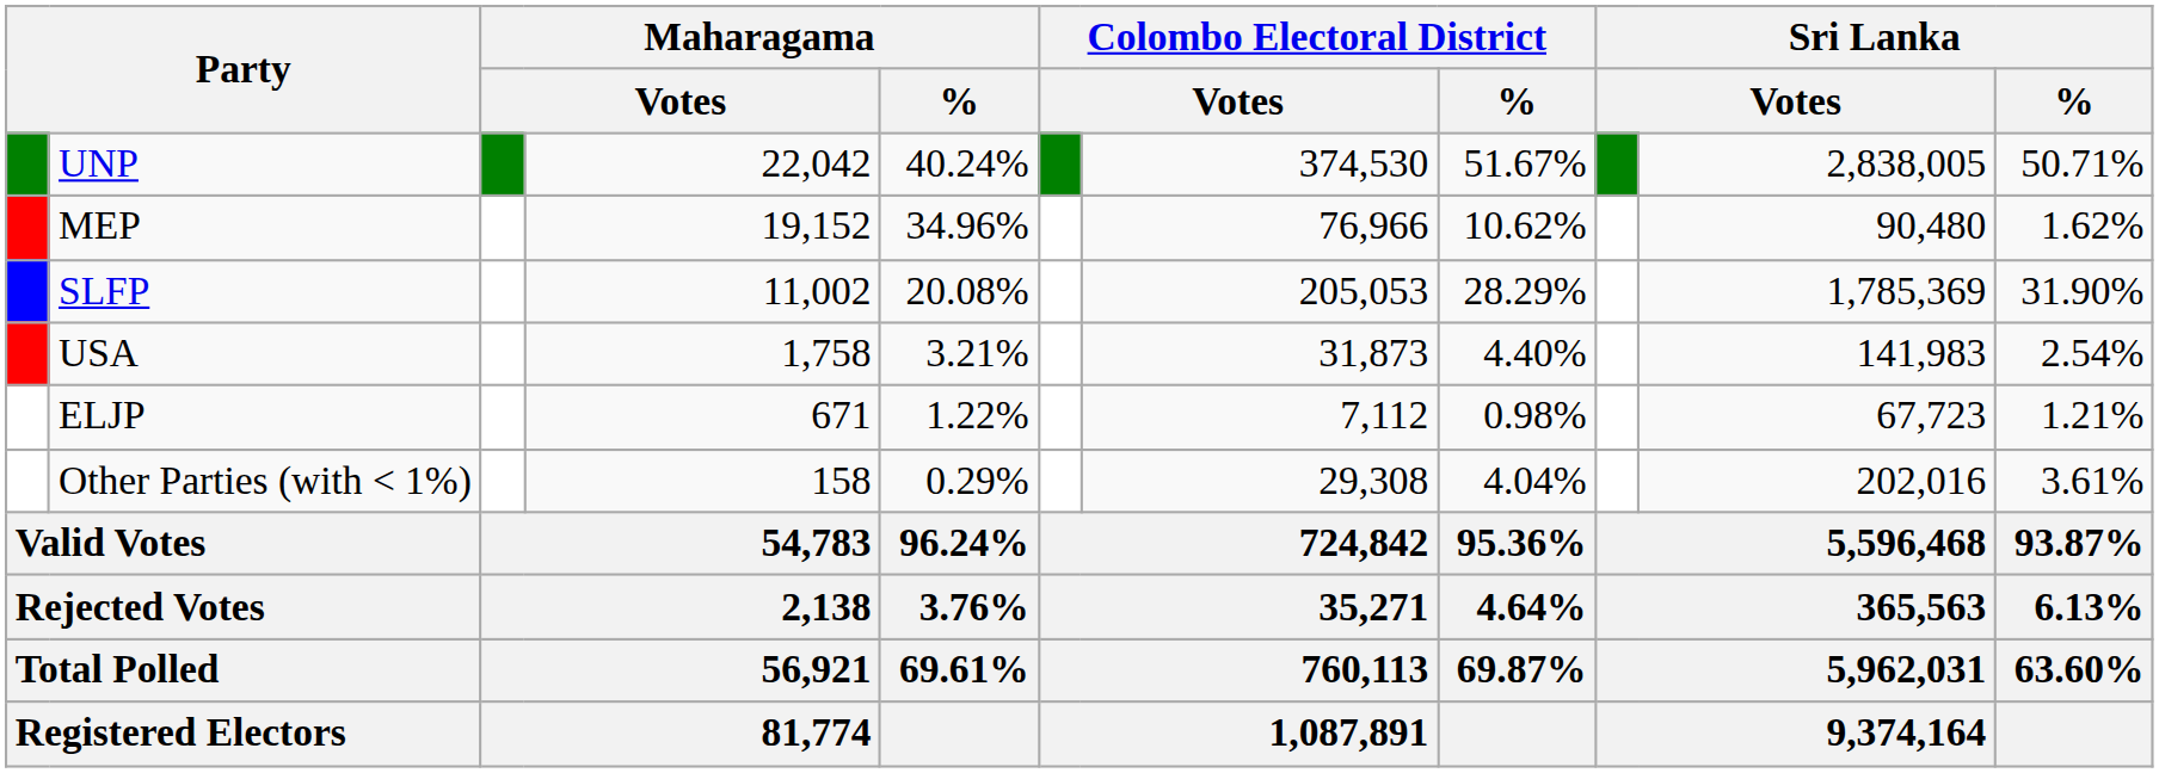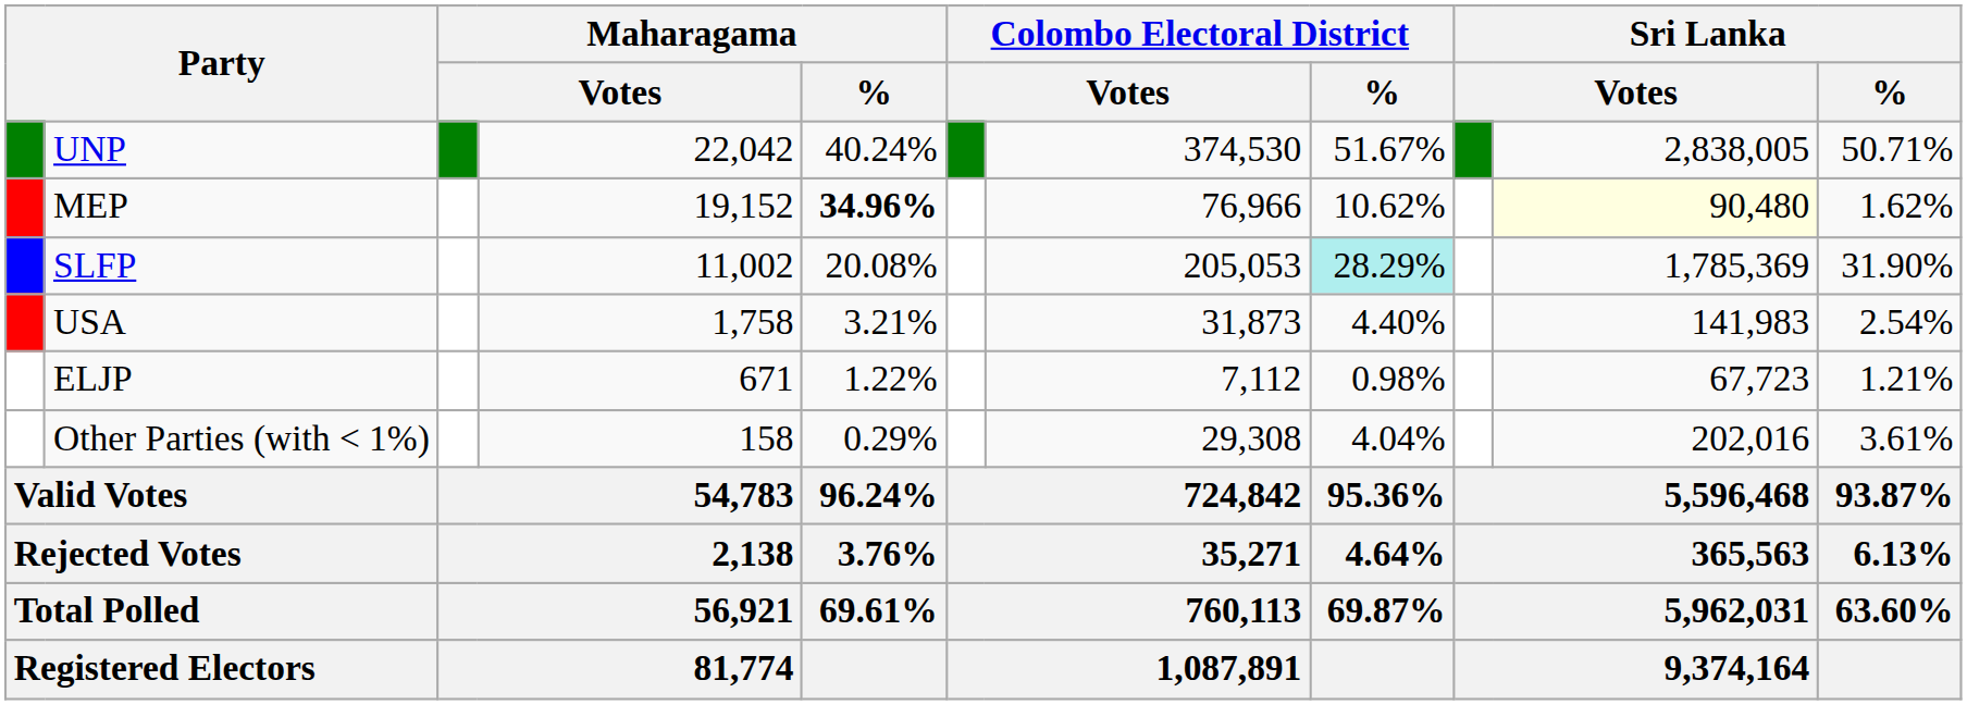 <table class="wikitable">
 <tr>
 <th colspan="2" width="144px"rowspan="2">Party</th>
 <th colspan="3" width="216px">Maharagama</th>
 <th colspan="3" width="216px"><a href='#'>Colombo Electoral District</a></th>
 <th colspan="3" width="216px">Sri Lanka</th>
 </tr>
 <tr>
 <th colspan="2" width="144px">Votes</th>
 <th>%</th>
 <th colspan="2" width="144px">Votes</th>
 <th>%</th>
 <th colspan="2" width="144px">Votes</th>
 <th>%</th>
 </tr>
 <tr>
 <td style="background-color:green;" width="10px"></td>
 <td style="text-align:left;"><a href='#'>UNP</a></td>
 <td style="background-color:green;" width="10px"></td>
 <td style="text-align:right;">22,042</td>
 <td style="text-align:right;">40.24%</td>
 <td style="background-color:green;" width="10px"></td>
 <td style="text-align:right;">374,530</td>
 <td style="text-align:right;">51.67%</td>
 <td style="background-color:green;" width="10px"></td>
 <td style="text-align:right;">2,838,005</td>
 <td style="text-align:right;">50.71%</td>
 </tr>
 <tr>
 <td style="background-color:red;" width="10px"></td>
 <td style="text-align:left;">MEP</td>
 <td style="background-color:white;" width="10px"></td>
 <td style="text-align:right;">19,152</td>
-<td style="text-align:right;">34.96%</td>
+<td style="text-align:right;"><strong>34.96%</strong></td>
 <td style="background-color:white;" width="10px"></td>
 <td style="text-align:right;">76,966</td>
 <td style="text-align:right;">10.62%</td>
 <td style="background-color:white;" width="10px"></td>
-<td style="text-align:right;">90,480</td>
+<td style="background: lightyellow; text-align:right;">90,480</td>
 <td style="text-align:right;">1.62%</td>
 </tr>
 <tr>
 <td style="background-color:blue;" width="10px"></td>
 <td style="text-align:left;"><a href='#'>SLFP</a></td>
 <td style="background-color:white;" width="10px"></td>
 <td style="text-align:right;">11,002</td>
 <td style="text-align:right;">20.08%</td>
 <td style="background-color:white;" width="10px"></td>
 <td style="text-align:right;">205,053</td>
-<td style="text-align:right;">28.29%</td>
+<td style="background: paleturquoise; text-align:right;">28.29%</td>
 <td style="background-color:white;" width="10px"></td>
 <td style="text-align:right;">1,785,369</td>
 <td style="text-align:right;">31.90%</td>
 </tr>
 <tr>
 <td style="background-color:red;" width="10px"></td>
 <td style="text-align:left;">USA</td>
 <td style="background-color:white;" width="10px"></td>
 <td style="text-align:right;">1,758</td>
 <td style="text-align:right;">3.21%</td>
 <td style="background-color:white;" width="10px"></td>
 <td style="text-align:right;">31,873</td>
 <td style="text-align:right;">4.40%</td>
 <td style="background-color:white;" width="10px"></td>
 <td style="text-align:right;">141,983</td>
 <td style="text-align:right;">2.54%</td>
 </tr>
 <tr>
 <td style="background-color:white;" width="10px"></td>
 <td style="text-align:left;">ELJP</td>
 <td style="background-color:white;" width="10px"></td>
 <td style="text-align:right;">671</td>
 <td style="text-align:right;">1.22%</td>
 <td style="background-color:white;" width="10px"></td>
 <td style="text-align:right;">7,112</td>
 <td style="text-align:right;">0.98%</td>
 <td style="background-color:white;" width="10px"></td>
 <td style="text-align:right;">67,723</td>
 <td style="text-align:right;">1.21%</td>
 </tr>
 <tr>
 <td style="background-color:white;" width="10px"></td>
 <td style="text-align:left;">Other Parties (with < 1%)</td>
 <td style="background-color:white;" width="10px"></td>
 <td style="text-align:right;">158</td>
 <td style="text-align:right;">0.29%</td>
 <td style="background-color:white;" width="10px"></td>
 <td style="text-align:right;">29,308</td>
 <td style="text-align:right;">4.04%</td>
 <td style="background-color:white;" width="10px"></td>
 <td style="text-align:right;">202,016</td>
 <td style="text-align:right;">3.61%</td>
 </tr>
 <tr>
 <th colspan="2" width="144px"style="text-align:left;">Valid Votes</th>
 <th style="text-align:right;"colspan="2" width="144px">54,783</th>
 <th style="text-align:right;">96.24%</th>
 <th style="text-align:right;"colspan="2" width="144px">724,842</th>
 <th style="text-align:right;">95.36%</th>
 <th style="text-align:right;"colspan="2" width="144px">5,596,468</th>
 <th style="text-align:right;">93.87%</th>
 </tr>
 <tr>
 <th colspan="2" width="144px"style="text-align:left;">Rejected Votes</th>
 <th style="text-align:right;"colspan="2" width="144px">2,138</th>
 <th style="text-align:right;">3.76%</th>
 <th style="text-align:right;"colspan="2" width="144px">35,271</th>
 <th style="text-align:right;">4.64%</th>
 <th style="text-align:right;"colspan="2" width="144px">365,563</th>
 <th style="text-align:right;">6.13%</th>
 </tr>
 <tr>
 <th colspan="2" width="144px"style="text-align:left;">Total Polled</th>
 <th style="text-align:right;"colspan="2" width="144px">56,921</th>
 <th style="text-align:right;">69.61%</th>
 <th style="text-align:right;"colspan="2" width="144px">760,113</th>
 <th style="text-align:right;">69.87%</th>
 <th style="text-align:right;"colspan="2" width="144px">5,962,031</th>
 <th style="text-align:right;">63.60%</th>
 </tr>
 <tr>
 <th colspan="2" width="144px"style="text-align:left;">Registered Electors</th>
 <th style="text-align:right;"colspan="2" width="144px">81,774</th>
 <th></th>
 <th style="text-align:right;"colspan="2" width="144px">1,087,891</th>
 <th></th>
 <th style="text-align:right;"colspan="2" width="144px">9,374,164</th>
 <th></th>
 </tr>
 </table>
